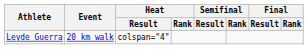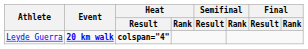 <table class="wikitable" style="font-size:90%">
 <tr>
 <th rowspan="2">Athlete</th>
 <th rowspan="2">Event</th>
 <th colspan="2">Heat</th>
 <th colspan="2">Semifinal</th>
 <th colspan="2">Final</th>
 </tr>
 <tr>
 <th>Result</th>
 <th>Rank</th>
 <th>Result</th>
 <th>Rank</th>
 <th>Result</th>
 <th>Rank</th>
 </tr>
 <tr style=text-align:center>
 <td style=text-align:left><a href='#'>Leyde Guerra</a></td>
-<td style=text-align:left><a href='#'>20 km walk</a></td>
-<td>colspan="4" </td>
+<td style=text-align:left><strong><a href='#'>20 km walk</a></strong></td>
+<td><strong>colspan="4" </strong></td>
 <td colspan="2"></td>
 </tr>
 </table>
